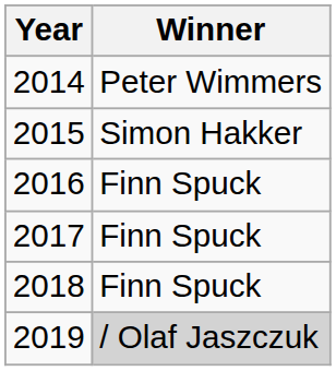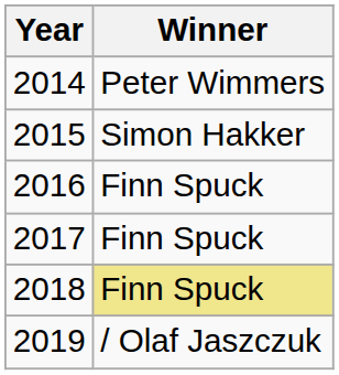 <table class="wikitable">
 <tr>
 <th>Year</th>
 <th>Winner</th>
 </tr>
 <tr>
 <td>2014</td>
 <td> Peter Wimmers</td>
 </tr>
 <tr>
 <td>2015</td>
 <td> Simon Hakker</td>
 </tr>
 <tr>
 <td>2016</td>
 <td> Finn Spuck</td>
 </tr>
 <tr>
 <td>2017</td>
 <td> Finn Spuck</td>
 </tr>
 <tr>
 <td>2018</td>
-<td> Finn Spuck</td>
+<td style="background: khaki;"> Finn Spuck</td>
 </tr>
 <tr>
 <td>2019</td>
-<td style="background: lightgrey;">/ Olaf Jaszczuk</td>
+<td>/ Olaf Jaszczuk</td>
 </tr>
 </table>
